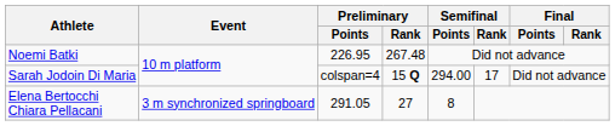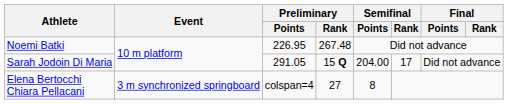 <table class=wikitable style="font-size:90%">
 <tr>
 <th rowspan="2">Athlete</th>
 <th rowspan="2">Event</th>
 <th colspan="2">Preliminary</th>
 <th colspan="2">Semifinal</th>
 <th colspan="2">Final</th>
 </tr>
 <tr style="font-size:95%">
 <th>Points</th>
 <th>Rank</th>
 <th>Points</th>
 <th>Rank</th>
 <th>Points</th>
 <th>Rank</th>
 </tr>
 <tr align=center>
 <td align=left><a href='#'>Noemi Batki</a></td>
 <td align=left rowspan=2><a href='#'>10 m platform</a></td>
 <td>226.95</td>
 <td>267.48</td>
 <td colspan="4">Did not advance</td>
 </tr>
 <tr align=center>
 <td align=left><a href='#'>Sarah Jodoin Di Maria</a></td>
-<td>colspan=4 </td>
+<td>291.05</td>
 <td>15 <strong>Q</strong></td>
-<td>294.00</td>
+<td>204.00</td>
 <td>17</td>
 <td colspan="2">Did not advance</td>
 </tr>
 <tr align=center>
 <td align=left><a href='#'>Elena Bertocchi</a><br><a href='#'>Chiara Pellacani</a></td>
 <td align=left><a href='#'>3 m synchronized springboard</a></td>
-<td>291.05</td>
+<td>colspan=4 </td>
 <td>27</td>
 <td>8</td>
 </tr>
 </table>
